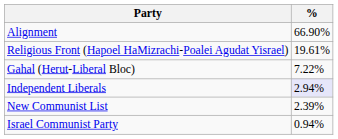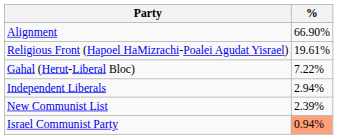 <table class="wikitable">
 <tr>
 <th>Party</th>
 <th>%</th>
 </tr>
 <tr>
 <td><a href='#'>Alignment</a></td>
 <td>66.90%</td>
 </tr>
 <tr>
 <td><a href='#'>Religious Front</a> (<a href='#'>Hapoel HaMizrachi</a>-<a href='#'>Poalei Agudat Yisrael</a>)</td>
 <td>19.61%</td>
 </tr>
 <tr>
 <td><a href='#'>Gahal</a> (<a href='#'>Herut</a>-<a href='#'>Liberal</a> Bloc)</td>
 <td>7.22%</td>
 </tr>
 <tr>
 <td><a href='#'>Independent Liberals</a></td>
-<td style="background: lavender;">2.94%</td>
+<td>2.94%</td>
 </tr>
 <tr>
 <td><a href='#'>New Communist List</a></td>
 <td>2.39%</td>
 </tr>
 <tr>
 <td><a href='#'>Israel Communist Party</a></td>
-<td>0.94%</td>
+<td style="background: lightsalmon;">0.94%</td>
 </tr>
 </table>
